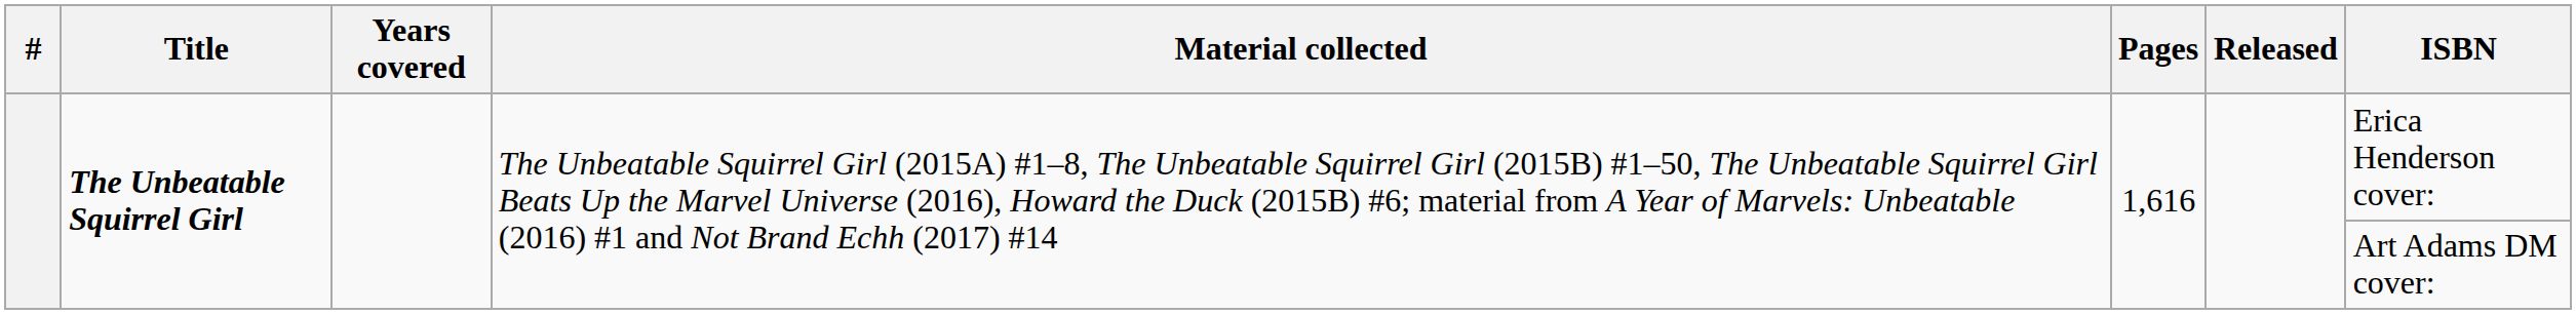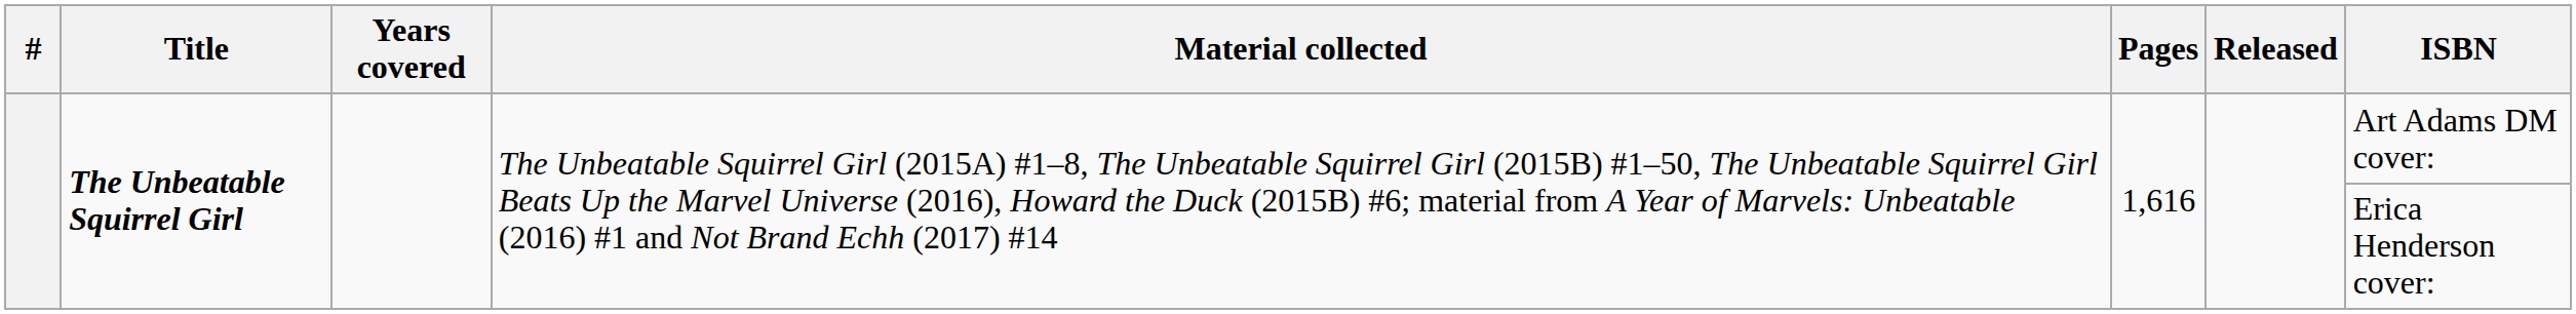 <table class="wikitable sortable" width="99%">
 <tr>
 <th class="unsortable" width="20px">#</th>
 <th>Title</th>
 <th>Years covered</th>
 <th class="unsortable">Material collected</th>
 <th>Pages</th>
 <th>Released</th>
 <th class="unsortable">ISBN</th>
 </tr>
 <tr>
 <th rowspan="2" style="background-color: light grey;"></th>
 <td rowspan="2"><strong><em>The Unbeatable Squirrel Girl</em></strong></td>
 <td rowspan="2"></td>
 <td rowspan="2"><em>The Unbeatable Squirrel Girl</em> (2015A) #1–8, <em>The Unbeatable Squirrel Girl</em> (2015B) #1–50, <em>The Unbeatable Squirrel Girl Beats Up the Marvel Universe</em> (2016), <em>Howard the Duck</em> (2015B) #6; material from <em> A Year of Marvels: Unbeatable</em> (2016) #1 and <em>Not Brand Echh</em> (2017) #14</td>
 <td rowspan="2" style="text-align: center;">1,616</td>
 <td rowspan="2"></td>
+<td>Art Adams DM cover: </td>
+</tr>
+<tr>
 <td>Erica Henderson cover: </td>
 </tr>
-<tr>
-<td>Art Adams DM cover: </td>
-</tr>
 </table>
